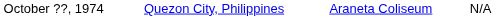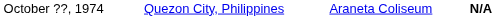 <table cellpadding="2" style="border: 0px black; font-size:90%">
 <tr>
 <th width="150"></th>
 <th width="200"></th>
 <th width="150"></th>
 <th width="550"></th>
 </tr>
 <tr border="0">
 <td>October ??, 1974</td>
 <td><a href='#'>Quezon City, Philippines</a></td>
 <td><a href='#'>Araneta Coliseum</a></td>
-<td>N/A</td>
+<td><strong>N/A</strong></td>
 </tr>
 </table>
